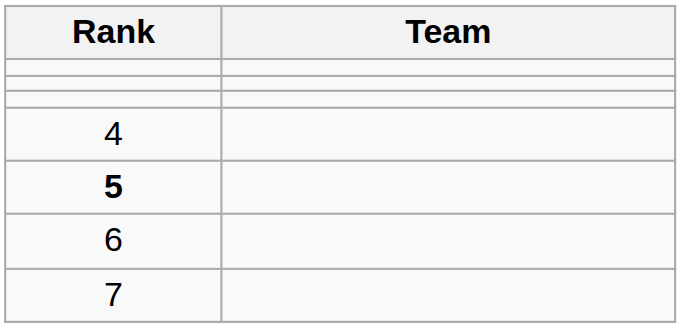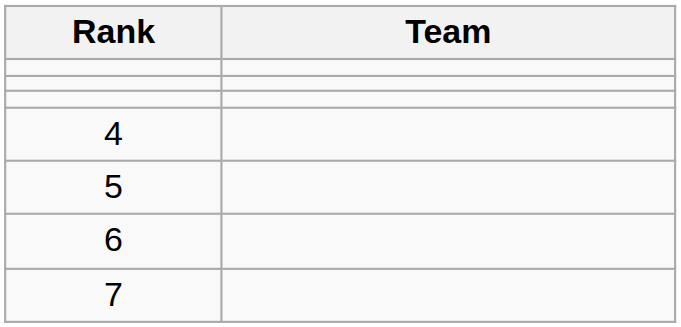 <table class="wikitable" style="text-align:center;margin-left:1em;float:right" width=20%>
 <tr>
 <th width=5%>Rank</th>
 <th width=15%>Team</th>
 </tr>
 <tr>
 <td></td>
 <td align=left></td>
 </tr>
 <tr>
 <td></td>
 <td align=left></td>
 </tr>
 <tr>
 <td></td>
 <td align=left></td>
 </tr>
 <tr>
 <td>4</td>
 <td align=left></td>
 </tr>
 <tr>
-<td><strong>5</strong></td>
+<td>5</td>
 <td align=left></td>
 </tr>
 <tr>
 <td>6</td>
 <td align=left></td>
 </tr>
 <tr>
 <td>7</td>
 <td align=left></td>
 </tr>
 </table>
